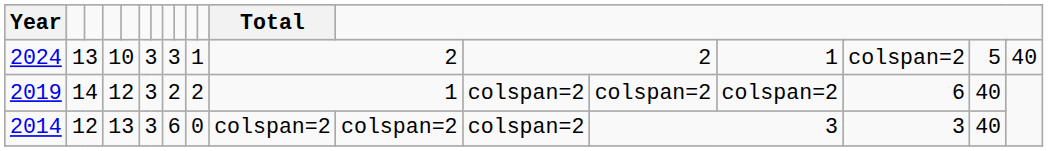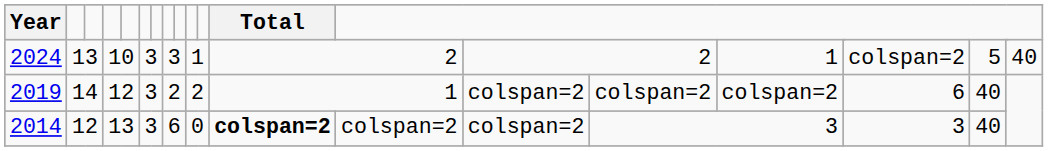 <table class="wikitable" style="text-align:right; padding-left:1em">
 <tr>
 <th align="left">Year</th>
 <td></td>
 <td></td>
 <td></td>
 <td></td>
 <td></td>
 <td></td>
 <td></td>
 <td></td>
 <td></td>
 <td></td>
 <th align="left">Total</th>
 </tr>
 <tr>
 <td><a href='#'>2024</a></td>
 <td colspan=2>13</td>
 <td colspan=2>10</td>
 <td colspan=2>3</td>
 <td colspan=2>3</td>
 <td colspan=2>1</td>
 <td colspan=2>2</td>
 <td colspan=2>2</td>
 <td colspan=2>1</td>
 <td>colspan=2 </td>
 <td colspan=2>5</td>
 <td>40</td>
 </tr>
 <tr>
 <td><a href='#'>2019</a></td>
 <td colspan=2>14</td>
 <td colspan=2>12</td>
 <td colspan=2>3</td>
 <td colspan=2>2</td>
 <td colspan=2>2</td>
 <td colspan=2>1</td>
 <td>colspan=2 </td>
 <td>colspan=2 </td>
 <td>colspan=2 </td>
 <td colspan=2>6</td>
 <td>40</td>
 </tr>
 <tr>
 <td><a href='#'>2014</a></td>
 <td colspan=2>12</td>
 <td colspan=2>13</td>
 <td colspan=2>3</td>
 <td colspan=2>6</td>
 <td colspan=2>0</td>
-<td>colspan=2 </td>
+<td><strong>colspan=2 </strong></td>
 <td>colspan=2 </td>
 <td>colspan=2 </td>
 <td colspan=2>3</td>
 <td colspan=2>3</td>
 <td>40</td>
 </tr>
 </table>
